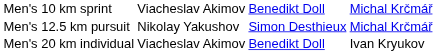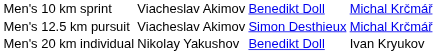 <table>
 <tr>
 <td>Men's 10 km sprint</td>
 <td> Viacheslav Akimov</td>
 <td> <a href='#'>Benedikt Doll</a></td>
 <td> <a href='#'>Michal Krčmář</a></td>
 </tr>
 <tr>
 <td>Men's 12.5 km pursuit</td>
-<td> Nikolay Yakushov</td>
+<td> Viacheslav Akimov</td>
 <td> <a href='#'>Simon Desthieux</a></td>
 <td> <a href='#'>Michal Krčmář</a></td>
 </tr>
 <tr>
 <td>Men's 20 km individual</td>
-<td> Viacheslav Akimov</td>
+<td> Nikolay Yakushov</td>
 <td> <a href='#'>Benedikt Doll</a></td>
 <td> Ivan Kryukov</td>
 </tr>
 </table>
